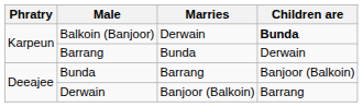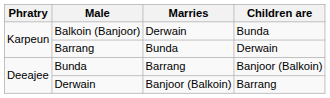 <table class="wikitable">
 <tr>
 <th>Phratry</th>
 <th>Male</th>
 <th>Marries</th>
 <th>Children are</th>
 </tr>
 <tr>
 <td rowspan=2>Karpeun</td>
 <td>Balkoin (Banjoor)</td>
 <td>Derwain</td>
-<td><strong>Bunda</strong></td>
+<td>Bunda</td>
 </tr>
 <tr>
 <td>Barrang</td>
 <td>Bunda</td>
 <td>Derwain</td>
 </tr>
 <tr>
 <td rowspan=2>Deeajee</td>
 <td>Bunda</td>
 <td>Barrang</td>
 <td>Banjoor (Balkoin)</td>
 </tr>
 <tr>
 <td>Derwain</td>
 <td>Banjoor (Balkoin)</td>
 <td>Barrang</td>
 </tr>
 </table>
